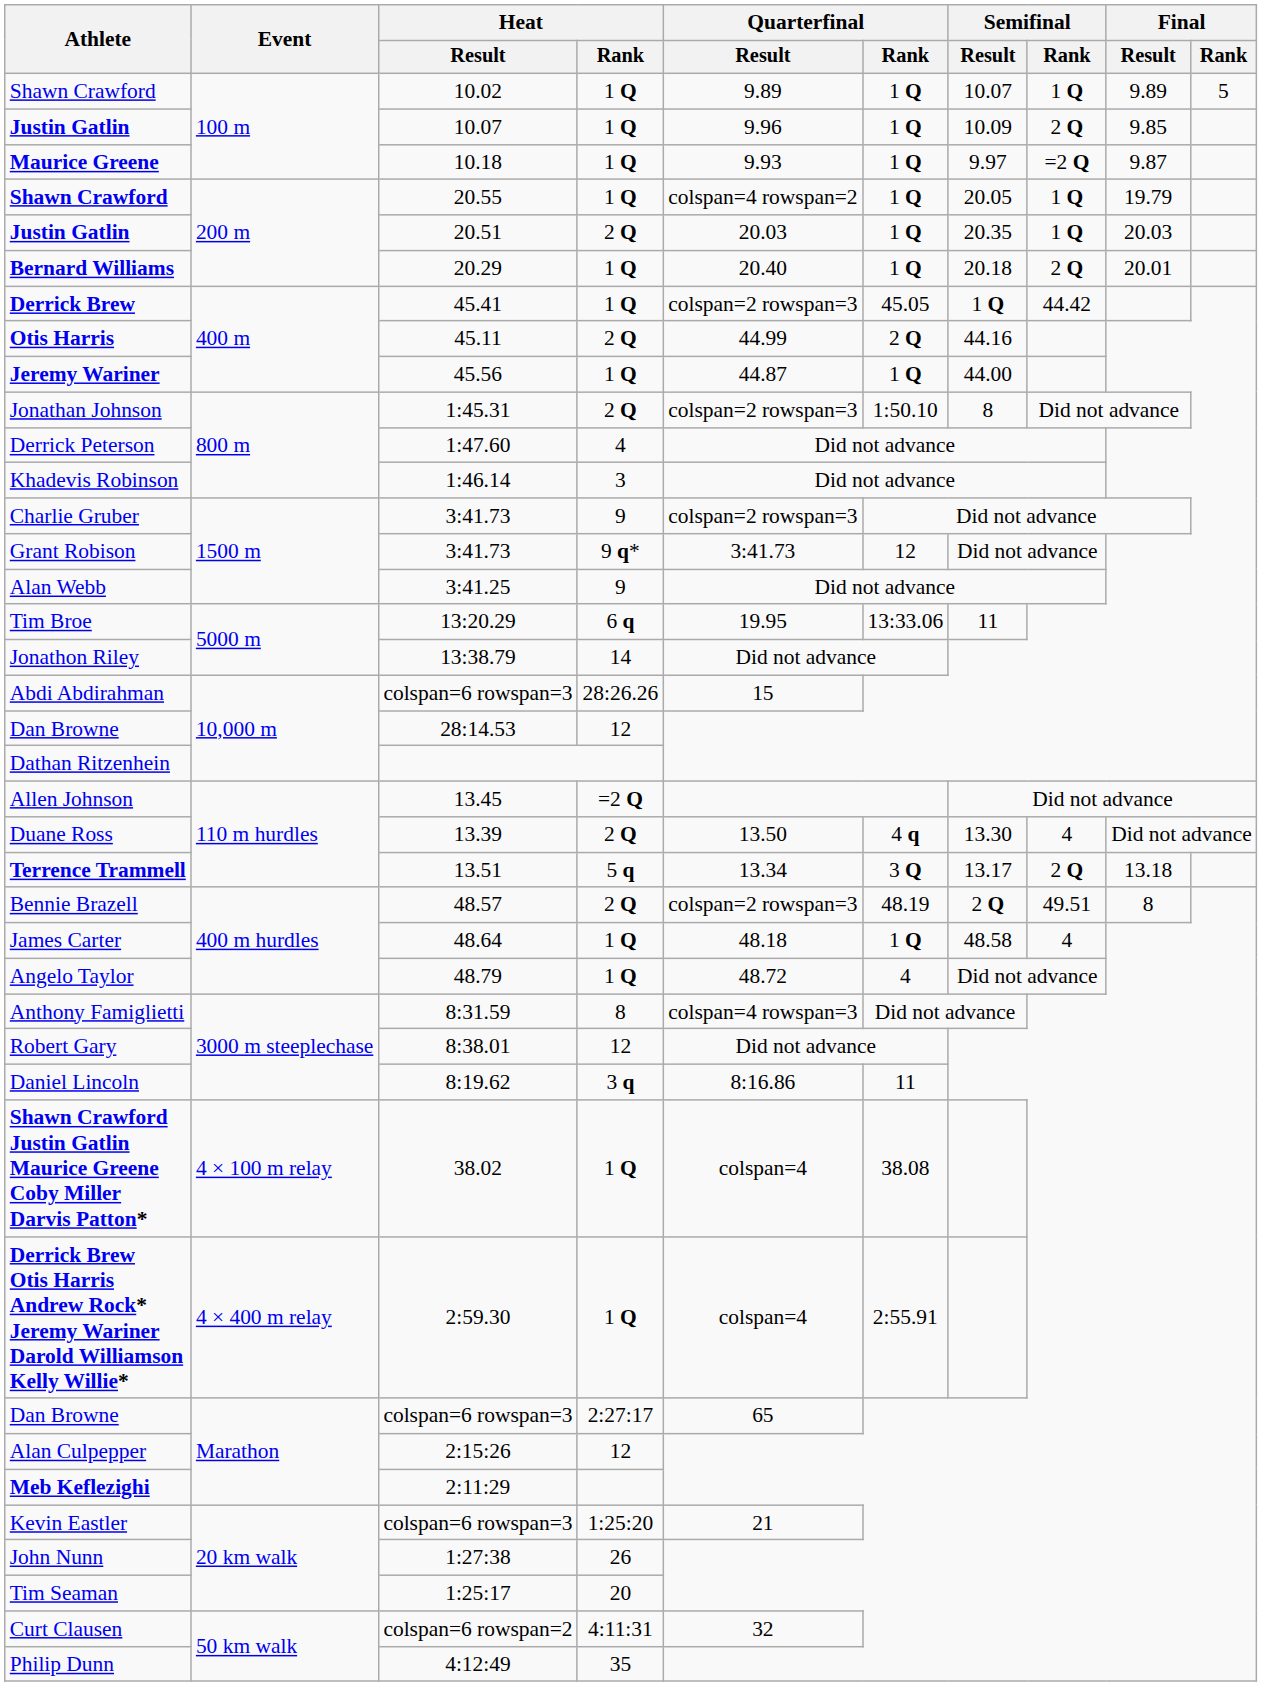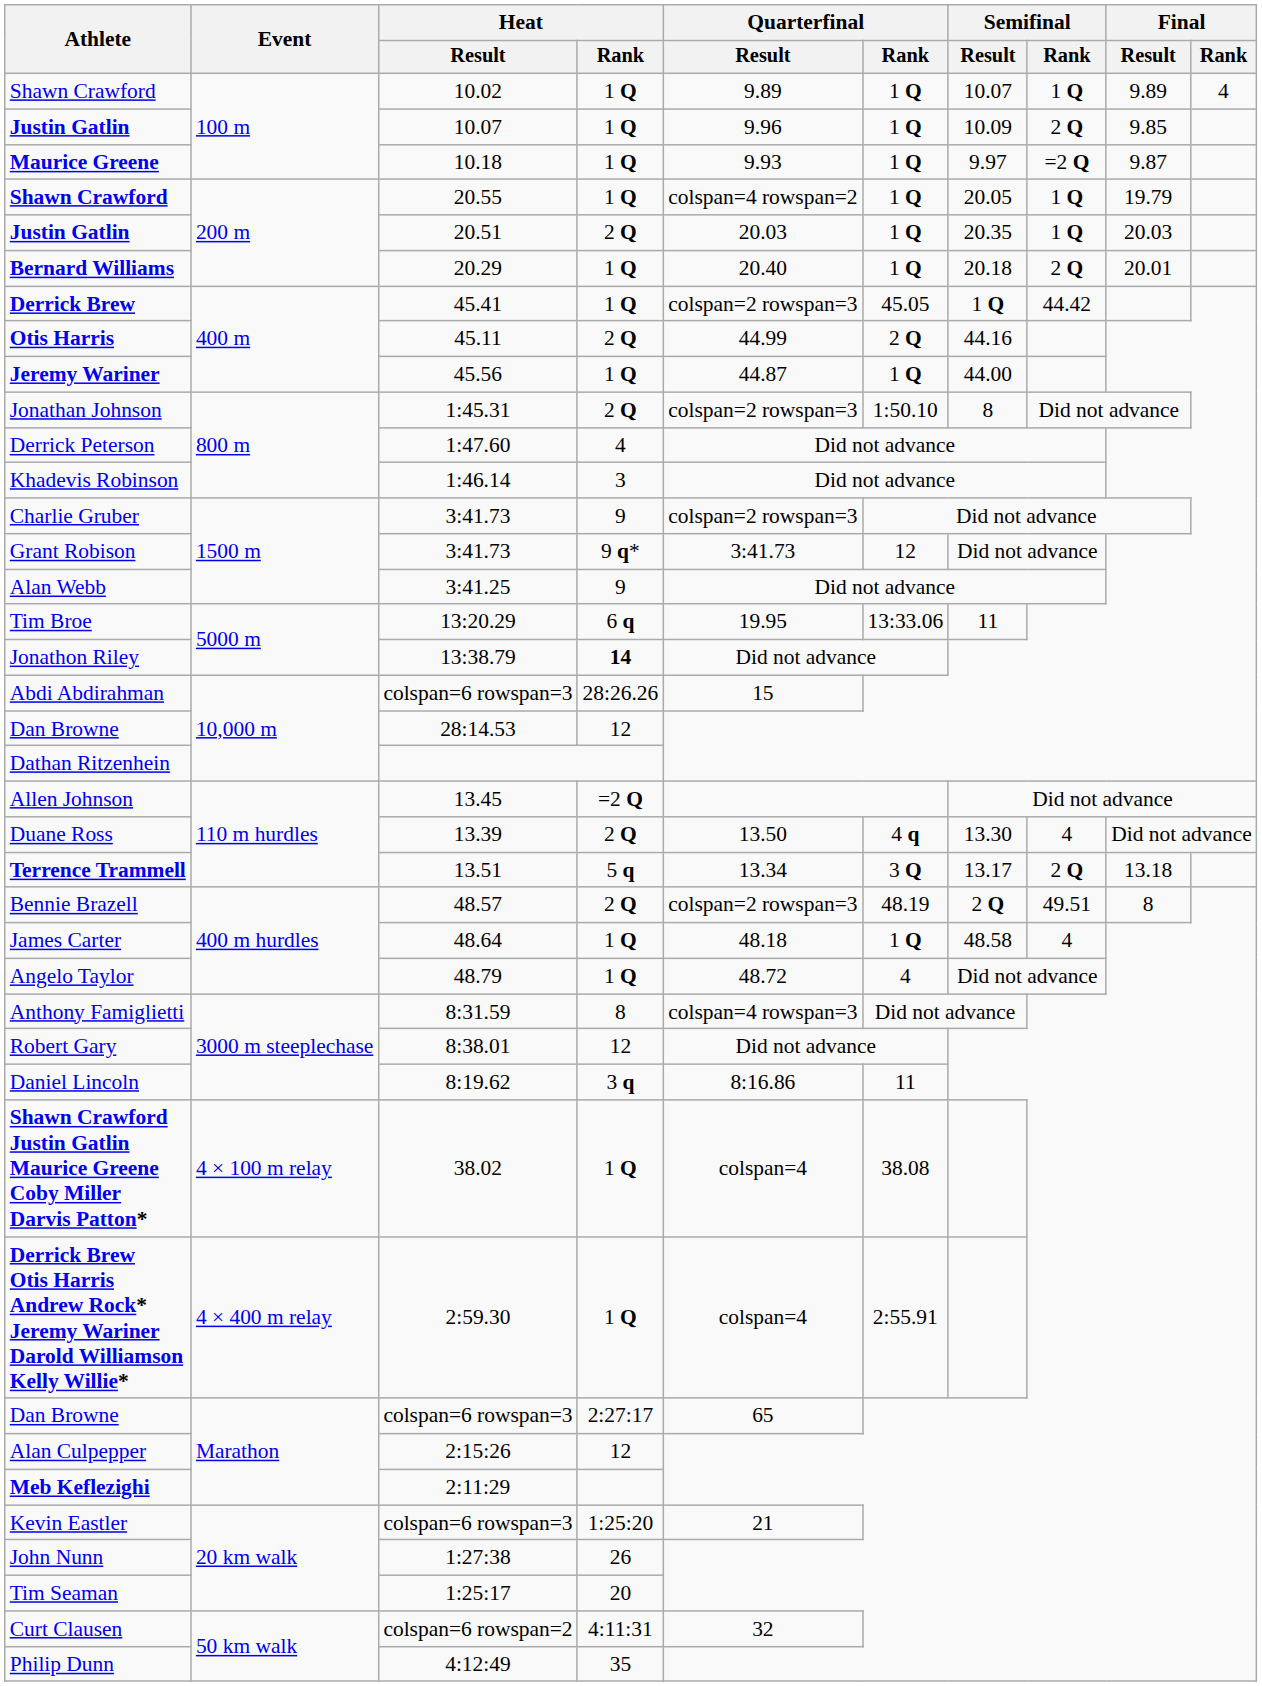 <table class=wikitable style=font-size:90%;text-align:center>
 <tr>
 <th rowspan=2>Athlete</th>
 <th rowspan=2>Event</th>
 <th colspan=2>Heat</th>
 <th colspan=2>Quarterfinal</th>
 <th colspan=2>Semifinal</th>
 <th colspan=2>Final</th>
 </tr>
 <tr style=font-size:95%>
 <th>Result</th>
 <th>Rank</th>
 <th>Result</th>
 <th>Rank</th>
 <th>Result</th>
 <th>Rank</th>
 <th>Result</th>
 <th>Rank</th>
 </tr>
 <tr>
 <td align=left><a href='#'>Shawn Crawford</a></td>
 <td align=left rowspan=3><a href='#'>100 m</a></td>
 <td>10.02</td>
 <td>1 <strong>Q</strong></td>
 <td>9.89</td>
 <td>1 <strong>Q</strong></td>
 <td>10.07</td>
 <td>1 <strong>Q</strong></td>
 <td>9.89</td>
-<td>5</td>
+<td>4</td>
 </tr>
 <tr>
 <td align=left><strong><a href='#'>Justin Gatlin</a></strong></td>
 <td>10.07</td>
 <td>1 <strong>Q</strong></td>
 <td>9.96</td>
 <td>1 <strong>Q</strong></td>
 <td>10.09</td>
 <td>2 <strong>Q</strong></td>
 <td>9.85</td>
 <td></td>
 </tr>
 <tr>
 <td align=left><strong><a href='#'>Maurice Greene</a></strong></td>
 <td>10.18</td>
 <td>1 <strong>Q</strong></td>
 <td>9.93</td>
 <td>1 <strong>Q</strong></td>
 <td>9.97</td>
 <td>=2 <strong>Q</strong></td>
 <td>9.87</td>
 <td></td>
 </tr>
 <tr>
 <td align=left><strong><a href='#'>Shawn Crawford</a></strong></td>
 <td align=left rowspan=3><a href='#'>200 m</a></td>
 <td>20.55</td>
 <td>1 <strong>Q</strong></td>
 <td>colspan=4 rowspan=2</td>
 <td>1 <strong>Q</strong></td>
 <td>20.05</td>
 <td>1 <strong>Q</strong></td>
 <td>19.79</td>
 <td></td>
 </tr>
 <tr>
 <td align=left><strong><a href='#'>Justin Gatlin</a></strong></td>
 <td>20.51</td>
 <td>2 <strong>Q</strong></td>
 <td>20.03</td>
 <td>1 <strong>Q</strong></td>
 <td>20.35</td>
 <td>1 <strong>Q</strong></td>
 <td>20.03</td>
 <td></td>
 </tr>
 <tr>
 <td align=left><strong><a href='#'>Bernard Williams</a></strong></td>
 <td>20.29</td>
 <td>1 <strong>Q</strong></td>
 <td>20.40</td>
 <td>1 <strong>Q</strong></td>
 <td>20.18</td>
 <td>2 <strong>Q</strong></td>
 <td>20.01</td>
 <td></td>
 </tr>
 <tr>
 <td align=left><strong><a href='#'>Derrick Brew</a></strong></td>
 <td align=left rowspan=3><a href='#'>400 m</a></td>
 <td>45.41</td>
 <td>1 <strong>Q</strong></td>
 <td>colspan=2 rowspan=3</td>
 <td>45.05</td>
 <td>1 <strong>Q</strong></td>
 <td>44.42</td>
 <td></td>
 </tr>
 <tr>
 <td align=left><strong><a href='#'>Otis Harris</a></strong></td>
 <td>45.11</td>
 <td>2 <strong>Q</strong></td>
 <td>44.99</td>
 <td>2 <strong>Q</strong></td>
 <td>44.16</td>
 <td></td>
 </tr>
 <tr>
 <td align=left><strong><a href='#'>Jeremy Wariner</a></strong></td>
 <td>45.56</td>
 <td>1 <strong>Q</strong></td>
 <td>44.87</td>
 <td>1 <strong>Q</strong></td>
 <td>44.00</td>
 <td></td>
 </tr>
 <tr>
 <td align=left><a href='#'>Jonathan Johnson</a></td>
 <td align=left rowspan=3><a href='#'>800 m</a></td>
 <td>1:45.31</td>
 <td>2 <strong>Q</strong></td>
 <td>colspan=2 rowspan=3</td>
 <td>1:50.10</td>
 <td>8</td>
 <td colspan=2>Did not advance</td>
 </tr>
 <tr>
 <td align=left><a href='#'>Derrick Peterson</a></td>
 <td>1:47.60</td>
 <td>4</td>
 <td colspan=4>Did not advance</td>
 </tr>
 <tr>
 <td align=left><a href='#'>Khadevis Robinson</a></td>
 <td>1:46.14</td>
 <td>3</td>
 <td colspan=4>Did not advance</td>
 </tr>
 <tr>
 <td align=left><a href='#'>Charlie Gruber</a></td>
 <td align=left rowspan=3><a href='#'>1500 m</a></td>
 <td>3:41.73</td>
 <td>9</td>
 <td>colspan=2 rowspan=3</td>
 <td colspan=4>Did not advance</td>
 </tr>
 <tr>
 <td align=left><a href='#'>Grant Robison</a></td>
 <td>3:41.73</td>
 <td>9 <strong>q</strong>*</td>
 <td>3:41.73</td>
 <td>12</td>
 <td colspan=2>Did not advance</td>
 </tr>
 <tr>
 <td align=left><a href='#'>Alan Webb</a></td>
 <td>3:41.25</td>
 <td>9</td>
 <td colspan=4>Did not advance</td>
 </tr>
 <tr>
 <td align=left><a href='#'>Tim Broe</a></td>
 <td align=left rowspan=2><a href='#'>5000 m</a></td>
 <td>13:20.29</td>
 <td>6 <strong>q</strong></td>
 <td>19.95</td>
 <td>13:33.06</td>
 <td>11</td>
 </tr>
 <tr>
 <td align=left><a href='#'>Jonathon Riley</a></td>
 <td>13:38.79</td>
-<td>14</td>
+<td><strong>14</strong></td>
 <td colspan=2>Did not advance</td>
 </tr>
 <tr>
 <td align=left><a href='#'>Abdi Abdirahman</a></td>
 <td align=left rowspan=3><a href='#'>10,000 m</a></td>
 <td>colspan=6 rowspan=3</td>
 <td>28:26.26</td>
 <td>15</td>
 </tr>
 <tr>
 <td align=left><a href='#'>Dan Browne</a></td>
 <td>28:14.53</td>
 <td>12</td>
 </tr>
 <tr>
 <td align=left><a href='#'>Dathan Ritzenhein</a></td>
 <td colspan=2></td>
 </tr>
 <tr>
 <td align=left><a href='#'>Allen Johnson</a></td>
 <td align=left rowspan=3><a href='#'>110 m hurdles</a></td>
 <td>13.45</td>
 <td>=2 <strong>Q</strong></td>
 <td colspan=2></td>
 <td colspan=4>Did not advance</td>
 </tr>
 <tr>
 <td align=left><a href='#'>Duane Ross</a></td>
 <td>13.39</td>
 <td>2 <strong>Q</strong></td>
 <td>13.50</td>
 <td>4 <strong>q</strong></td>
 <td>13.30</td>
 <td>4</td>
 <td colspan=2>Did not advance</td>
 </tr>
 <tr>
 <td align=left><strong><a href='#'>Terrence Trammell</a></strong></td>
 <td>13.51</td>
 <td>5 <strong>q</strong></td>
 <td>13.34</td>
 <td>3 <strong>Q</strong></td>
 <td>13.17</td>
 <td>2 <strong>Q</strong></td>
 <td>13.18</td>
 <td></td>
 </tr>
 <tr>
 <td align=left><a href='#'>Bennie Brazell</a></td>
 <td align=left rowspan=3><a href='#'>400 m hurdles</a></td>
 <td>48.57</td>
 <td>2 <strong>Q</strong></td>
 <td>colspan=2 rowspan=3</td>
 <td>48.19</td>
 <td>2 <strong>Q</strong></td>
 <td>49.51</td>
 <td>8</td>
 </tr>
 <tr>
 <td align=left><a href='#'>James Carter</a></td>
 <td>48.64</td>
 <td>1 <strong>Q</strong></td>
 <td>48.18</td>
 <td>1 <strong>Q</strong></td>
 <td>48.58</td>
 <td>4</td>
 </tr>
 <tr>
 <td align=left><a href='#'>Angelo Taylor</a></td>
 <td>48.79</td>
 <td>1 <strong>Q</strong></td>
 <td>48.72</td>
 <td>4</td>
 <td colspan=2>Did not advance</td>
 </tr>
 <tr>
 <td align=left><a href='#'>Anthony Famiglietti</a></td>
 <td align=left rowspan=3><a href='#'>3000 m steeplechase</a></td>
 <td>8:31.59</td>
 <td>8</td>
 <td>colspan=4 rowspan=3</td>
 <td colspan=2>Did not advance</td>
 </tr>
 <tr>
 <td align=left><a href='#'>Robert Gary</a></td>
 <td>8:38.01</td>
 <td>12</td>
 <td colspan=2>Did not advance</td>
 </tr>
 <tr>
 <td align=left><a href='#'>Daniel Lincoln</a></td>
 <td>8:19.62</td>
 <td>3 <strong>q</strong></td>
 <td>8:16.86</td>
 <td>11</td>
 </tr>
 <tr>
 <td align=left><strong><a href='#'>Shawn Crawford</a><br><a href='#'>Justin Gatlin</a><br><a href='#'>Maurice Greene</a><br><a href='#'>Coby Miller</a><br><a href='#'>Darvis Patton</a>*</strong></td>
 <td align=left><a href='#'>4 × 100 m relay</a></td>
 <td>38.02</td>
 <td>1 <strong>Q</strong></td>
 <td>colspan=4 </td>
 <td>38.08</td>
 <td></td>
 </tr>
 <tr>
 <td align=left><strong><a href='#'>Derrick Brew</a><br><a href='#'>Otis Harris</a><br><a href='#'>Andrew Rock</a>*<br><a href='#'>Jeremy Wariner</a><br><a href='#'>Darold Williamson</a><br><a href='#'>Kelly Willie</a>*</strong></td>
 <td align=left><a href='#'>4 × 400 m relay</a></td>
 <td>2:59.30</td>
 <td>1 <strong>Q</strong></td>
 <td>colspan=4 </td>
 <td>2:55.91</td>
 <td></td>
 </tr>
 <tr>
 <td align=left><a href='#'>Dan Browne</a></td>
 <td align=left rowspan=3><a href='#'>Marathon</a></td>
 <td>colspan=6 rowspan=3</td>
 <td>2:27:17</td>
 <td>65</td>
 </tr>
 <tr>
 <td align=left><a href='#'>Alan Culpepper</a></td>
 <td>2:15:26</td>
 <td>12</td>
 </tr>
 <tr>
 <td align=left><strong><a href='#'>Meb Keflezighi</a></strong></td>
 <td>2:11:29</td>
 <td></td>
 </tr>
 <tr>
 <td align=left><a href='#'>Kevin Eastler</a></td>
 <td align=left rowspan=3><a href='#'>20 km walk</a></td>
 <td>colspan=6 rowspan=3</td>
 <td>1:25:20</td>
 <td>21</td>
 </tr>
 <tr>
 <td align=left><a href='#'>John Nunn</a></td>
 <td>1:27:38</td>
 <td>26</td>
 </tr>
 <tr>
 <td align=left><a href='#'>Tim Seaman</a></td>
 <td>1:25:17</td>
 <td>20</td>
 </tr>
 <tr>
 <td align=left><a href='#'>Curt Clausen</a></td>
 <td align=left rowspan=2><a href='#'>50 km walk</a></td>
 <td>colspan=6 rowspan=2</td>
 <td>4:11:31</td>
 <td>32</td>
 </tr>
 <tr>
 <td align=left><a href='#'>Philip Dunn</a></td>
 <td>4:12:49</td>
 <td>35</td>
 </tr>
 </table>
